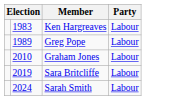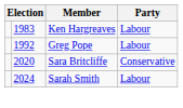 <table class="wikitable">
 <tr>
 <th colspan="2">Election</th>
 <th>Member</th>
 <th>Party</th>
 </tr>
 <tr>
 <td style="color:inherit;background-color: "></td>
 <td><a href='#'>1983</a></td>
 <td><a href='#'>Ken Hargreaves</a></td>
 <td><a href='#'>Labour</a></td>
 </tr>
 <tr>
 <td style="color:inherit;background-color: "></td>
-<td><a href='#'>1989</a></td>
+<td><a href='#'>1992</a></td>
 <td><a href='#'>Greg Pope</a></td>
 <td><a href='#'>Labour</a></td>
 </tr>
 <tr>
 <td style="color:inherit;background-color: "></td>
-<td><a href='#'>2010</a></td>
-<td><a href='#'>Graham Jones</a></td>
-<td><a href='#'>Labour</a></td>
-</tr>
-<tr>
-<td style="color:inherit;background-color: "></td>
-<td><a href='#'>2019</a></td>
+<td><a href='#'>2020</a></td>
 <td><a href='#'>Sara Britcliffe</a></td>
-<td><a href='#'>Labour</a></td>
+<td><a href='#'>Conservative</a></td>
 </tr>
 <tr>
 <td style="color:inherit;background-color: "></td>
 <td><a href='#'>2024</a></td>
 <td><a href='#'>Sarah Smith</a></td>
 <td><a href='#'>Labour</a></td>
 </tr>
 </table>
